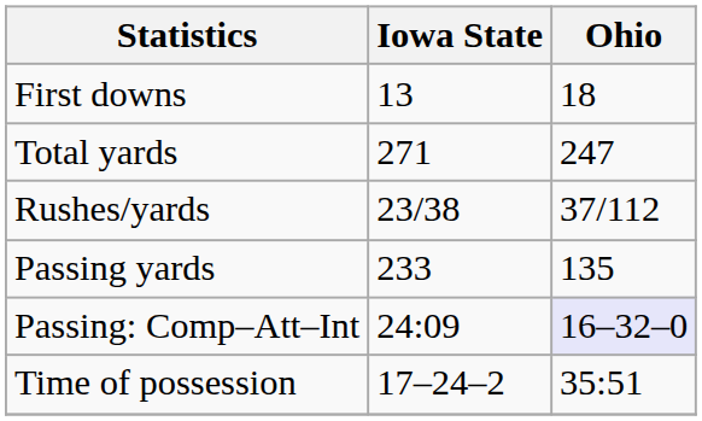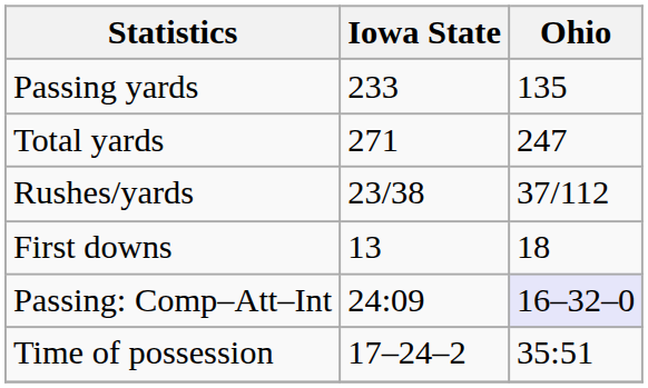 <table class="wikitable" style="float: left;">
 <tr>
 <th>Statistics</th>
 <th>Iowa State</th>
 <th>Ohio</th>
 </tr>
 <tr>
-<td>First downs</td>
-<td>13</td>
-<td>18</td>
+<td>Passing yards</td>
+<td>233</td>
+<td>135</td>
 </tr>
 <tr>
 <td>Total yards</td>
 <td>271</td>
 <td>247</td>
 </tr>
 <tr>
 <td>Rushes/yards</td>
 <td>23/38</td>
 <td>37/112</td>
 </tr>
 <tr>
-<td>Passing yards</td>
-<td>233</td>
-<td>135</td>
+<td>First downs</td>
+<td>13</td>
+<td>18</td>
 </tr>
 <tr>
 <td>Passing: Comp–Att–Int</td>
 <td>24:09</td>
 <td style="background: lavender;">16–32–0</td>
 </tr>
 <tr>
 <td>Time of possession</td>
 <td>17–24–2</td>
 <td>35:51</td>
 </tr>
 <tr>
 </tr>
 </table>
